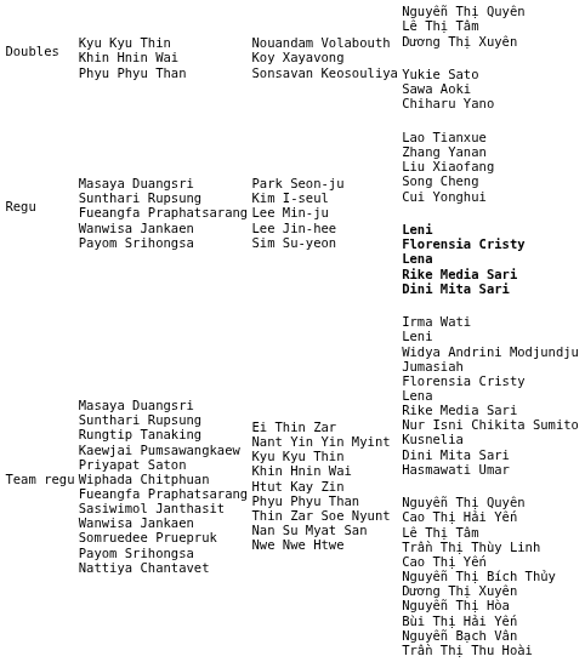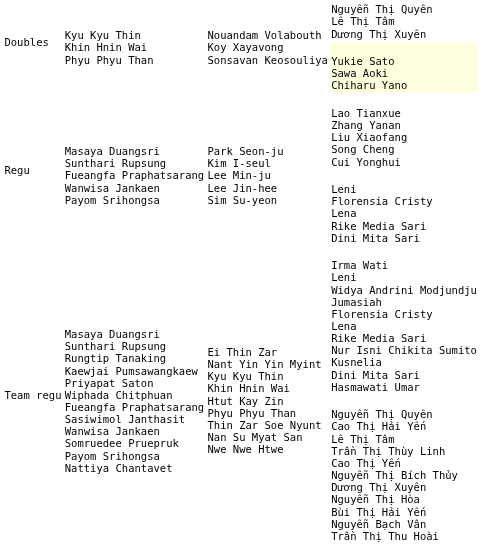 <table>
 <tr>
 <td rowspan=2>Doubles<br></td>
 <td rowspan=2><br>Kyu Kyu Thin<br>Khin Hnin Wai<br>Phyu Phyu Than</td>
 <td rowspan=2><br>Nouandam Volabouth<br>Koy Xayavong<br>Sonsavan Keosouliya</td>
 <td><br>Nguyễn Thị Quyên<br>Lê Thị Tâm<br>Dương Thị Xuyên</td>
 </tr>
 <tr>
-<td><br>Yukie Sato<br>Sawa Aoki<br>Chiharu Yano</td>
+<td style="background: lightyellow;"><br>Yukie Sato<br>Sawa Aoki<br>Chiharu Yano</td>
 </tr>
 <tr>
 <td rowspan=2>Regu<br></td>
 <td rowspan=2><br>Masaya Duangsri<br>Sunthari Rupsung<br>Fueangfa Praphatsarang<br>Wanwisa Jankaen<br>Payom Srihongsa</td>
 <td rowspan=2><br>Park Seon-ju<br>Kim I-seul<br>Lee Min-ju<br>Lee Jin-hee<br>Sim Su-yeon</td>
 <td><br>Lao Tianxue<br>Zhang Yanan<br>Liu Xiaofang<br>Song Cheng<br>Cui Yonghui</td>
 </tr>
 <tr>
-<td><strong><br>Leni<br>Florensia Cristy<br>Lena<br>Rike Media Sari<br>Dini Mita Sari</strong></td>
+<td><br>Leni<br>Florensia Cristy<br>Lena<br>Rike Media Sari<br>Dini Mita Sari</td>
 </tr>
 <tr>
 <td rowspan=2>Team regu<br></td>
 <td rowspan=2><br>Masaya Duangsri<br>Sunthari Rupsung<br>Rungtip Tanaking<br>Kaewjai Pumsawangkaew<br>Priyapat Saton<br>Wiphada Chitphuan<br>Fueangfa Praphatsarang<br>Sasiwimol Janthasit<br>Wanwisa Jankaen<br>Somruedee Pruepruk<br>Payom Srihongsa<br>Nattiya Chantavet</td>
 <td rowspan=2><br>Ei Thin Zar<br>Nant Yin Yin Myint<br>Kyu Kyu Thin<br>Khin Hnin Wai<br>Htut Kay Zin<br>Phyu Phyu Than<br>Thin Zar Soe Nyunt<br>Nan Su Myat San<br>Nwe Nwe Htwe</td>
 <td><br>Irma Wati<br>Leni<br>Widya Andrini Modjundju<br>Jumasiah<br>Florensia Cristy<br>Lena<br>Rike Media Sari<br>Nur Isni Chikita Sumito<br>Kusnelia<br>Dini Mita Sari<br>Hasmawati Umar</td>
 </tr>
 <tr>
 <td><br>Nguyễn Thị Quyên<br>Cao Thị Hải Yến<br>Lê Thị Tâm<br>Trần Thị Thùy Linh<br>Cao Thị Yến<br>Nguyễn Thị Bích Thủy<br>Dương Thị Xuyên<br>Nguyễn Thị Hòa<br>Bùi Thị Hải Yến<br>Nguyễn Bạch Vân<br>Trần Thị Thu Hoài</td>
 </tr>
 </table>
